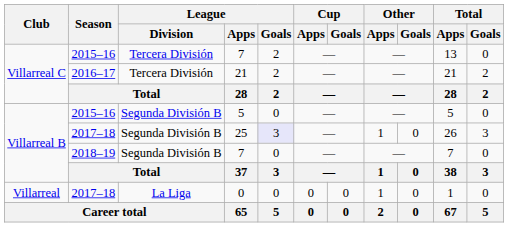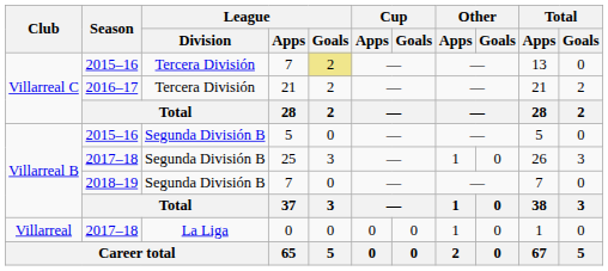 <table class="wikitable" style="text-align: center;">
 <tr>
 <th rowspan="2">Club</th>
 <th rowspan="2">Season</th>
 <th colspan="3">League</th>
 <th colspan="2">Cup</th>
 <th colspan="2">Other</th>
 <th colspan="2">Total</th>
 </tr>
 <tr>
 <th>Division</th>
 <th>Apps</th>
 <th>Goals</th>
 <th>Apps</th>
 <th>Goals</th>
 <th>Apps</th>
 <th>Goals</th>
 <th>Apps</th>
 <th>Goals</th>
 </tr>
 <tr>
 <td rowspan="3"><a href='#'>Villarreal C</a></td>
 <td><a href='#'>2015–16</a></td>
 <td><a href='#'>Tercera División</a></td>
 <td>7</td>
-<td>2</td>
+<td style="background: khaki;">2</td>
 <td colspan="2">—</td>
 <td colspan="2">—</td>
 <td>13</td>
 <td>0</td>
 </tr>
 <tr>
 <td><a href='#'>2016–17</a></td>
 <td>Tercera División</td>
 <td>21</td>
 <td>2</td>
 <td colspan="2">—</td>
 <td colspan="2">—</td>
 <td>21</td>
 <td>2</td>
 </tr>
 <tr>
 <th colspan="2">Total</th>
 <th>28</th>
 <th>2</th>
 <th colspan="2">—</th>
 <th colspan="2">—</th>
 <th>28</th>
 <th>2</th>
 </tr>
 <tr>
 <td rowspan="4"><a href='#'>Villarreal B</a></td>
 <td><a href='#'>2015–16</a></td>
 <td><a href='#'>Segunda División B</a></td>
 <td>5</td>
 <td>0</td>
 <td colspan="2">—</td>
 <td colspan="2">—</td>
 <td>5</td>
 <td>0</td>
 </tr>
 <tr>
 <td><a href='#'>2017–18</a></td>
 <td>Segunda División B</td>
 <td>25</td>
-<td style="background: lavender;">3</td>
+<td>3</td>
 <td colspan="2">—</td>
 <td>1</td>
 <td>0</td>
 <td>26</td>
 <td>3</td>
 </tr>
 <tr>
 <td><a href='#'>2018–19</a></td>
 <td>Segunda División B</td>
 <td>7</td>
 <td>0</td>
 <td colspan="2">—</td>
 <td colspan="2">—</td>
 <td>7</td>
 <td>0</td>
 </tr>
 <tr>
 <th colspan="2">Total</th>
 <th>37</th>
 <th>3</th>
 <th colspan="2">—</th>
 <th>1</th>
 <th>0</th>
 <th>38</th>
 <th>3</th>
 </tr>
 <tr>
 <td rowspan="1"><a href='#'>Villarreal</a></td>
 <td><a href='#'>2017–18</a></td>
 <td><a href='#'>La Liga</a></td>
 <td>0</td>
 <td>0</td>
 <td>0</td>
 <td>0</td>
 <td>1</td>
 <td>0</td>
 <td>1</td>
 <td>0</td>
 </tr>
 <tr>
 <th colspan="3">Career total</th>
 <th>65</th>
 <th>5</th>
 <th>0</th>
 <th>0</th>
 <th>2</th>
 <th>0</th>
 <th>67</th>
 <th>5</th>
 </tr>
 </table>
